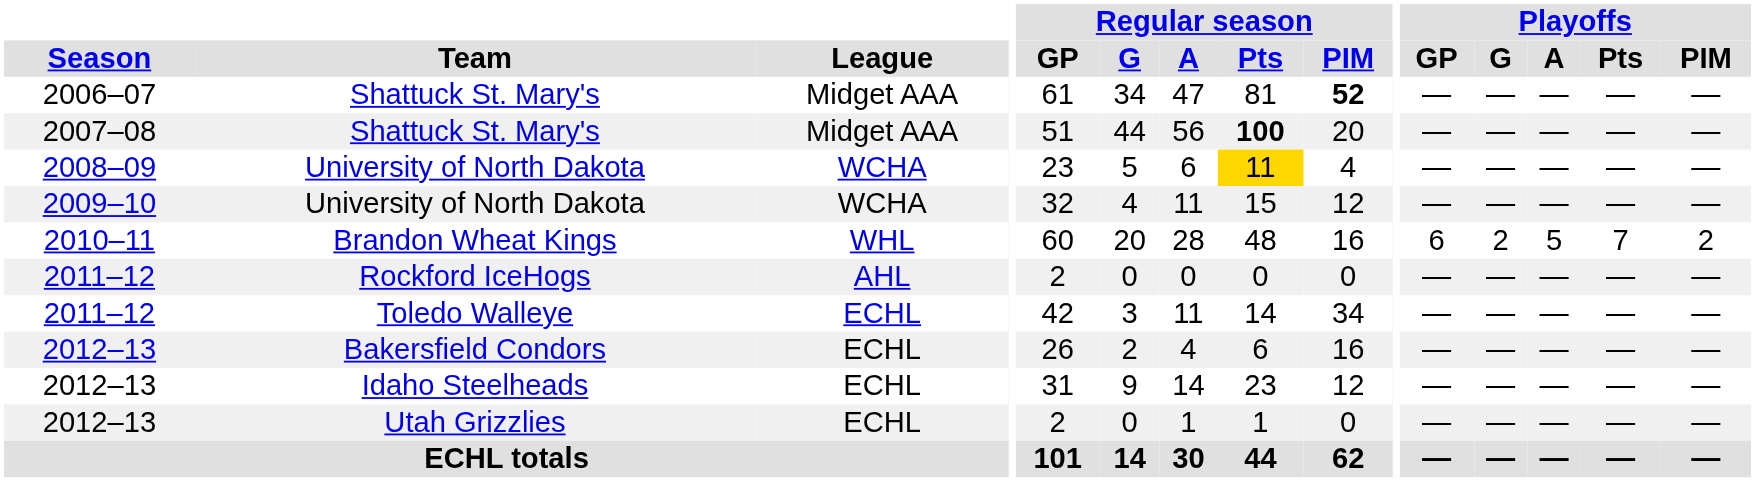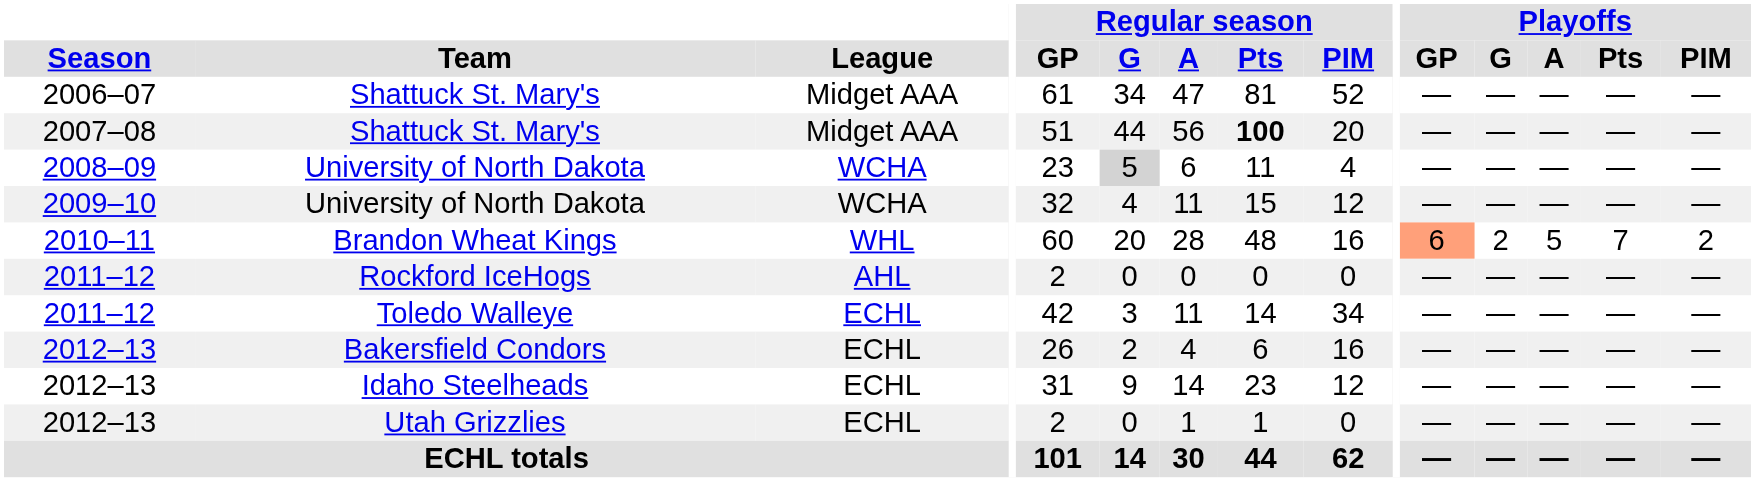 <table border="0" cellpadding="1" cellspacing="0" style="text-align:center; width:60em">
 <tr bgcolor="#e0e0e0">
 <th colspan="3" bgcolor="#ffffff"></th>
 <th rowspan="99" bgcolor="#ffffff"></th>
 <th colspan="5"><a href='#'>Regular season</a></th>
 <th rowspan="99" bgcolor="#ffffff"></th>
 <th colspan="5"><a href='#'>Playoffs</a></th>
 </tr>
 <tr bgcolor="#e0e0e0">
 <th><a href='#'>Season</a></th>
 <th>Team</th>
 <th>League</th>
 <th>GP</th>
 <th><a href='#'>G</a></th>
 <th><a href='#'>A</a></th>
 <th><a href='#'>Pts</a></th>
 <th><a href='#'>PIM</a></th>
 <th>GP</th>
 <th>G</th>
 <th>A</th>
 <th>Pts</th>
 <th>PIM</th>
 </tr>
 <tr>
 <td>2006–07</td>
 <td><a href='#'>Shattuck St. Mary's</a></td>
 <td>Midget AAA</td>
 <td>61</td>
 <td>34</td>
 <td>47</td>
 <td>81</td>
-<td><strong>52</strong></td>
+<td>52</td>
 <td>—</td>
 <td>—</td>
 <td>—</td>
 <td>—</td>
 <td>—</td>
 </tr>
 <tr style="background:#f0f0f0;">
 <td>2007–08</td>
 <td><a href='#'>Shattuck St. Mary's</a></td>
 <td>Midget AAA</td>
 <td>51</td>
 <td>44</td>
 <td>56</td>
 <td><strong>100</strong></td>
 <td>20</td>
 <td>—</td>
 <td>—</td>
 <td>—</td>
 <td>—</td>
 <td>—</td>
 </tr>
 <tr>
 <td><a href='#'>2008–09</a></td>
 <td><a href='#'>University of North Dakota</a></td>
 <td><a href='#'>WCHA</a></td>
 <td>23</td>
-<td>5</td>
+<td style="background: lightgrey;">5</td>
 <td>6</td>
-<td style="background: gold;">11</td>
+<td>11</td>
 <td>4</td>
 <td>—</td>
 <td>—</td>
 <td>—</td>
 <td>—</td>
 <td>—</td>
 </tr>
 <tr style="background:#f0f0f0;">
 <td><a href='#'>2009–10</a></td>
 <td>University of North Dakota</td>
 <td>WCHA</td>
 <td>32</td>
 <td>4</td>
 <td>11</td>
 <td>15</td>
 <td>12</td>
 <td>—</td>
 <td>—</td>
 <td>—</td>
 <td>—</td>
 <td>—</td>
 </tr>
 <tr>
 <td><a href='#'>2010–11</a></td>
 <td><a href='#'>Brandon Wheat Kings</a></td>
 <td><a href='#'>WHL</a></td>
 <td>60</td>
 <td>20</td>
 <td>28</td>
 <td>48</td>
 <td>16</td>
-<td>6</td>
+<td style="background: lightsalmon;">6</td>
 <td>2</td>
 <td>5</td>
 <td>7</td>
 <td>2</td>
 </tr>
 <tr style="background:#f0f0f0;">
 <td><a href='#'>2011–12</a></td>
 <td><a href='#'>Rockford IceHogs</a></td>
 <td><a href='#'>AHL</a></td>
 <td>2</td>
 <td>0</td>
 <td>0</td>
 <td>0</td>
 <td>0</td>
 <td>—</td>
 <td>—</td>
 <td>—</td>
 <td>—</td>
 <td>—</td>
 </tr>
 <tr>
 <td><a href='#'>2011–12</a></td>
 <td><a href='#'>Toledo Walleye</a></td>
 <td><a href='#'>ECHL</a></td>
 <td>42</td>
 <td>3</td>
 <td>11</td>
 <td>14</td>
 <td>34</td>
 <td>—</td>
 <td>—</td>
 <td>—</td>
 <td>—</td>
 <td>—</td>
 </tr>
 <tr style="background:#f0f0f0;">
 <td><a href='#'>2012–13</a></td>
 <td><a href='#'>Bakersfield Condors</a></td>
 <td>ECHL</td>
 <td>26</td>
 <td>2</td>
 <td>4</td>
 <td>6</td>
 <td>16</td>
 <td>—</td>
 <td>—</td>
 <td>—</td>
 <td>—</td>
 <td>—</td>
 </tr>
 <tr>
 <td>2012–13</td>
 <td><a href='#'>Idaho Steelheads</a></td>
 <td>ECHL</td>
 <td>31</td>
 <td>9</td>
 <td>14</td>
 <td>23</td>
 <td>12</td>
 <td>—</td>
 <td>—</td>
 <td>—</td>
 <td>—</td>
 <td>—</td>
 </tr>
 <tr style="background:#f0f0f0;">
 <td>2012–13</td>
 <td><a href='#'>Utah Grizzlies</a></td>
 <td>ECHL</td>
 <td>2</td>
 <td>0</td>
 <td>1</td>
 <td>1</td>
 <td>0</td>
 <td>—</td>
 <td>—</td>
 <td>—</td>
 <td>—</td>
 <td>—</td>
 </tr>
 <tr bgcolor="#e0e0e0">
 <th colspan="3">ECHL totals</th>
 <th>101</th>
 <th>14</th>
 <th>30</th>
 <th>44</th>
 <th>62</th>
 <th>—</th>
 <th>—</th>
 <th>—</th>
 <th>—</th>
 <th>—</th>
 </tr>
 </table>
